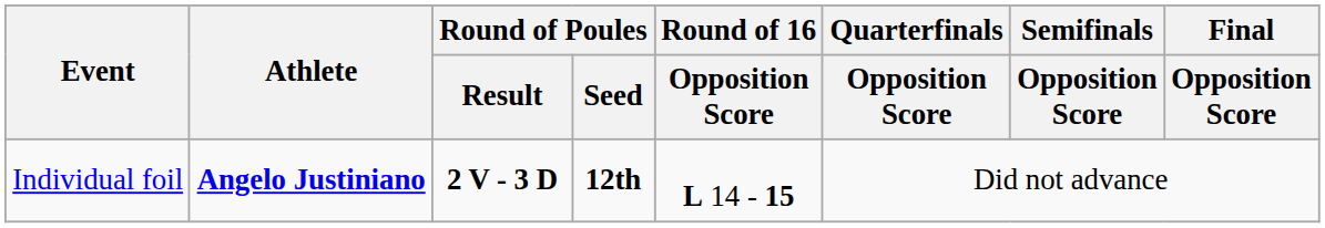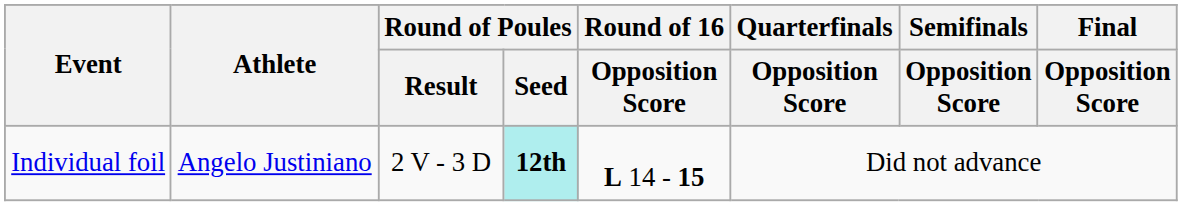 <table class="wikitable" border="1" style="font-size:90%">
 <tr>
 <th rowspan=2>Event</th>
 <th rowspan=2>Athlete</th>
 <th colspan=2>Round of Poules</th>
 <th>Round of 16</th>
 <th>Quarterfinals</th>
 <th>Semifinals</th>
 <th>Final</th>
 </tr>
 <tr>
 <th>Result</th>
 <th>Seed</th>
 <th>Opposition<br>Score</th>
 <th>Opposition<br>Score</th>
 <th>Opposition<br>Score</th>
 <th>Opposition<br>Score</th>
 </tr>
 <tr>
 <td><a href='#'>Individual foil</a></td>
-<td><strong><a href='#'>Angelo Justiniano</a></strong></td>
-<td align=center><strong>2 V - 3 D</strong></td>
-<td align=center><strong>12th</strong></td>
+<td><a href='#'>Angelo Justiniano</a></td>
+<td align=center>2 V - 3 D</td>
+<td align=center style="background: paleturquoise;"><strong>12th</strong></td>
 <td align=center><br><strong>L</strong> 14 - <strong>15</strong></td>
 <td align=center colspan="7">Did not advance</td>
 </tr>
 </table>
